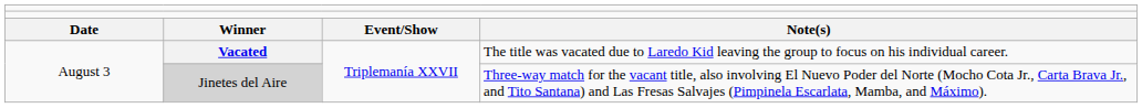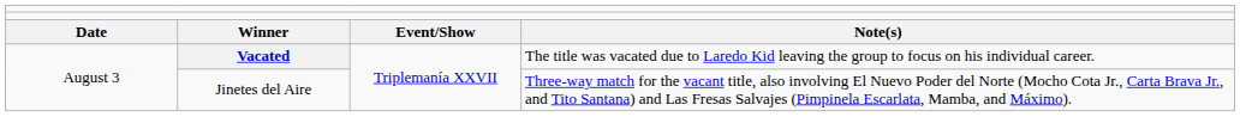 <table class="wikitable" style="text-align:center; width:100%;">
 <tr>
 <td colspan="4"></td>
 </tr>
 <tr>
 <td colspan="4"><strong></strong></td>
 </tr>
 <tr>
 <th width=14%>Date</th>
 <th width=14%>Winner</th>
 <th width=14%>Event/Show</th>
 <th width=58%>Note(s)</th>
 </tr>
 <tr>
 <td rowspan=2>August 3</td>
 <th><a href='#'>Vacated</a></th>
 <td rowspan=2><a href='#'>Triplemanía XXVII</a></td>
 <td align=left>The title was vacated due to <a href='#'>Laredo Kid</a> leaving the group to focus on his individual career.</td>
 </tr>
 <tr>
-<td style="background: lightgrey;">Jinetes del Aire<br></td>
+<td>Jinetes del Aire<br></td>
 <td align=left><a href='#'>Three-way match</a> for the <a href='#'>vacant</a> title, also involving El Nuevo Poder del Norte (Mocho Cota Jr., <a href='#'>Carta Brava Jr.</a>, and <a href='#'>Tito Santana</a>) and Las Fresas Salvajes (<a href='#'>Pimpinela Escarlata</a>, Mamba, and <a href='#'>Máximo</a>).</td>
 </tr>
 </table>
